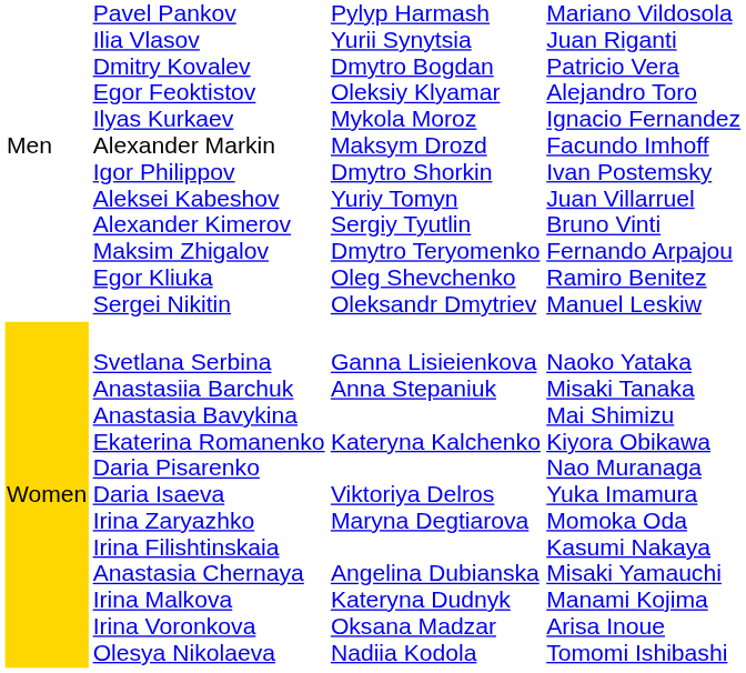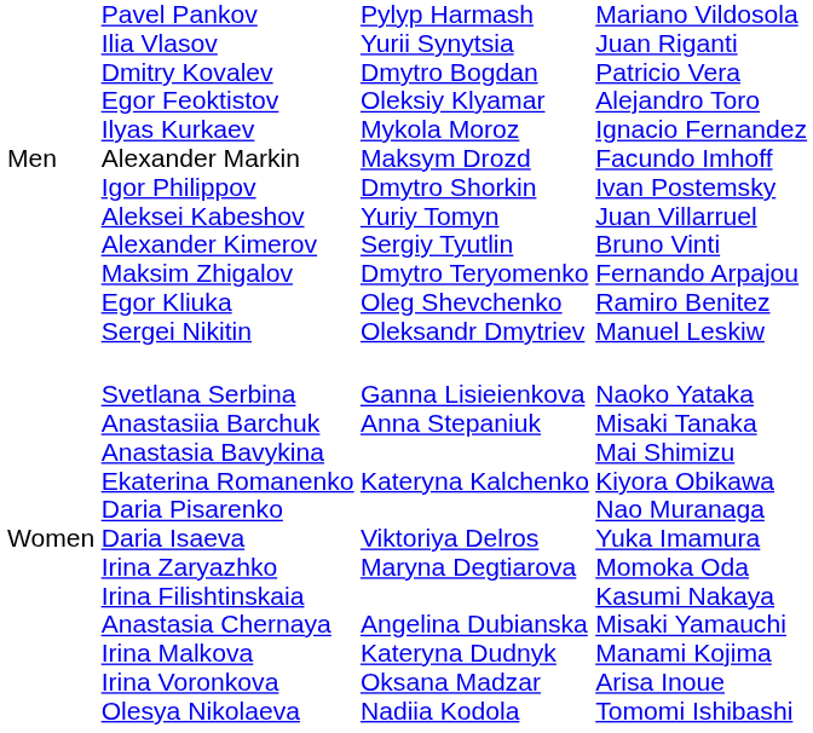 <table>
 <tr>
 <td>Men<br></td>
 <td><br><a href='#'>Pavel Pankov</a><br><a href='#'>Ilia Vlasov</a><br><a href='#'>Dmitry Kovalev</a><br><a href='#'>Egor Feoktistov</a><br><a href='#'>Ilyas Kurkaev</a><br>Alexander Markin<br><a href='#'>Igor Philippov</a><br><a href='#'>Aleksei Kabeshov</a><br><a href='#'>Alexander Kimerov</a><br><a href='#'>Maksim Zhigalov</a><br><a href='#'>Egor Kliuka</a><br><a href='#'>Sergei Nikitin</a></td>
 <td><br><a href='#'>Pylyp Harmash</a><br><a href='#'>Yurii Synytsia</a><br><a href='#'>Dmytro Bogdan</a><br><a href='#'>Oleksiy Klyamar</a><br><a href='#'>Mykola Moroz</a><br><a href='#'>Maksym Drozd</a><br><a href='#'>Dmytro Shorkin</a><br><a href='#'>Yuriy Tomyn</a><br><a href='#'>Sergiy Tyutlin</a><br><a href='#'>Dmytro Teryomenko</a><br><a href='#'>Oleg Shevchenko</a><br><a href='#'>Oleksandr Dmytriev</a></td>
 <td><br><a href='#'>Mariano Vildosola</a><br><a href='#'>Juan Riganti</a><br><a href='#'>Patricio Vera</a><br><a href='#'>Alejandro Toro</a><br><a href='#'>Ignacio Fernandez</a><br><a href='#'>Facundo Imhoff</a><br><a href='#'>Ivan Postemsky</a><br><a href='#'>Juan Villarruel</a><br><a href='#'>Bruno Vinti</a><br><a href='#'>Fernando Arpajou</a><br><a href='#'>Ramiro Benitez</a><br><a href='#'>Manuel Leskiw</a></td>
 </tr>
 <tr>
-<td style="background: gold;">Women<br></td>
+<td>Women<br></td>
 <td><br><a href='#'>Svetlana Serbina</a><br><a href='#'>Anastasiia Barchuk</a><br><a href='#'>Anastasia Bavykina</a><br><a href='#'>Ekaterina Romanenko</a><br><a href='#'>Daria Pisarenko</a><br><a href='#'>Daria Isaeva</a><br><a href='#'>Irina Zaryazhko</a><br><a href='#'>Irina Filishtinskaia</a><br><a href='#'>Anastasia Chernaya</a><br><a href='#'>Irina Malkova</a><br><a href='#'>Irina Voronkova</a><br><a href='#'>Olesya Nikolaeva</a></td>
 <td><br><a href='#'>Ganna Lisieienkova</a><br><a href='#'>Anna Stepaniuk</a><br><br><a href='#'>Kateryna Kalchenko</a><br><br><a href='#'>Viktoriya Delros</a><br><a href='#'>Maryna Degtiarova</a><br><br><a href='#'>Angelina Dubianska</a><br><a href='#'>Kateryna Dudnyk</a><br><a href='#'>Oksana Madzar</a><br><a href='#'>Nadiia Kodola</a></td>
 <td><br><a href='#'>Naoko Yataka</a><br><a href='#'>Misaki Tanaka</a><br><a href='#'>Mai Shimizu</a><br><a href='#'>Kiyora Obikawa</a><br><a href='#'>Nao Muranaga</a><br><a href='#'>Yuka Imamura</a><br><a href='#'>Momoka Oda</a><br><a href='#'>Kasumi Nakaya</a><br><a href='#'>Misaki Yamauchi</a><br><a href='#'>Manami Kojima</a><br><a href='#'>Arisa Inoue</a><br><a href='#'>Tomomi Ishibashi</a></td>
 </tr>
 </table>
